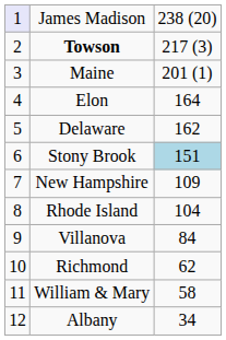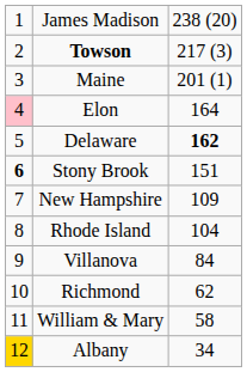 <table class="wikitable">
 <tr align="center">
 </tr>
 <tr align="center">
-<td style="background: lavender;">1</td>
+<td>1</td>
 <td>James Madison</td>
 <td>238 (20)</td>
 </tr>
 <tr align="center">
 <td>2</td>
 <td><strong>Towson</strong></td>
 <td>217 (3)</td>
 </tr>
 <tr align="center">
 <td>3</td>
 <td>Maine</td>
 <td>201 (1)</td>
 </tr>
 <tr align="center">
-<td>4</td>
+<td style="background: pink;">4</td>
 <td>Elon</td>
 <td>164</td>
 </tr>
 <tr align="center">
 <td>5</td>
 <td>Delaware</td>
-<td>162</td>
+<td><strong>162</strong></td>
 </tr>
 <tr align="center">
-<td>6</td>
+<td><strong>6</strong></td>
 <td>Stony Brook</td>
-<td style="background: lightblue;">151</td>
+<td>151</td>
 </tr>
 <tr align="center">
 <td>7</td>
 <td>New Hampshire</td>
 <td>109</td>
 </tr>
 <tr align="center">
 <td>8</td>
 <td>Rhode Island</td>
 <td>104</td>
 </tr>
 <tr align="center">
 <td>9</td>
 <td>Villanova</td>
 <td>84</td>
 </tr>
 <tr align="center">
 <td>10</td>
 <td>Richmond</td>
 <td>62</td>
 </tr>
 <tr align="center">
 <td>11</td>
 <td>William & Mary</td>
 <td>58</td>
 </tr>
 <tr align="center">
-<td>12</td>
+<td style="background: gold;">12</td>
 <td>Albany</td>
 <td>34</td>
 </tr>
 </table>
